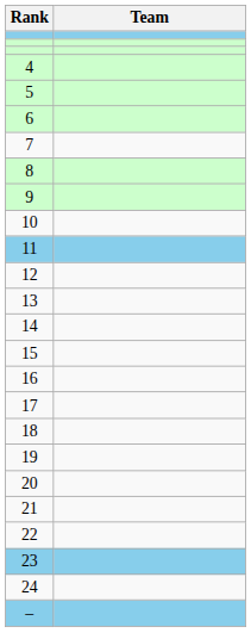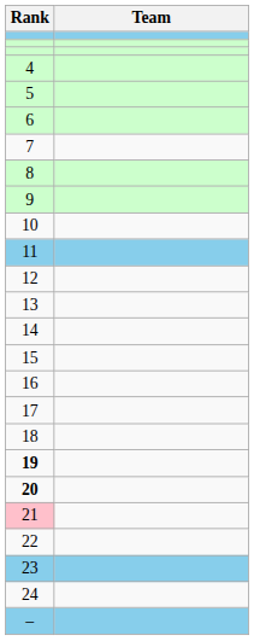 <table class="wikitable" style="text-align:center">
 <tr>
 <th width=40>Rank</th>
 <th width=180>Team</th>
 </tr>
 <tr bgcolor=#87ceeb>
 <td></td>
 <td style="text-align:left"></td>
 </tr>
 <tr bgcolor=#ccffcc>
 <td></td>
 <td style="text-align:left"></td>
 </tr>
 <tr bgcolor=#ccffcc>
 <td></td>
 <td style="text-align:left"></td>
 </tr>
 <tr bgcolor=#ccffcc>
 <td>4</td>
 <td style="text-align:left"></td>
 </tr>
 <tr bgcolor=#ccffcc>
 <td>5</td>
 <td style="text-align:left"></td>
 </tr>
 <tr bgcolor=#ccffcc>
 <td>6</td>
 <td style="text-align:left"></td>
 </tr>
 <tr>
 <td>7</td>
 <td style="text-align:left"><s></s></td>
 </tr>
 <tr bgcolor=#ccffcc>
 <td>8</td>
 <td style="text-align:left"></td>
 </tr>
 <tr bgcolor=#ccffcc>
 <td>9</td>
 <td style="text-align:left"></td>
 </tr>
 <tr>
 <td>10</td>
 <td style="text-align:left"></td>
 </tr>
 <tr bgcolor=#87ceeb>
 <td>11</td>
 <td style="text-align:left"></td>
 </tr>
 <tr>
 <td>12</td>
 <td style="text-align:left"></td>
 </tr>
 <tr>
 <td>13</td>
 <td style="text-align:left"></td>
 </tr>
 <tr>
 <td>14</td>
 <td style="text-align:left"></td>
 </tr>
 <tr>
 <td>15</td>
 <td style="text-align:left"></td>
 </tr>
 <tr>
 <td>16</td>
 <td style="text-align:left"></td>
 </tr>
 <tr>
 <td>17</td>
 <td style="text-align:left"><s></s></td>
 </tr>
 <tr>
 <td>18</td>
 <td style="text-align:left"></td>
 </tr>
 <tr>
-<td>19</td>
+<td><strong>19</strong></td>
 <td style="text-align:left"></td>
 </tr>
 <tr>
-<td>20</td>
+<td><strong>20</strong></td>
 <td style="text-align:left"></td>
 </tr>
 <tr>
-<td>21</td>
+<td style="background: pink;">21</td>
 <td style="text-align:left"></td>
 </tr>
 <tr>
 <td>22</td>
 <td style="text-align:left"></td>
 </tr>
 <tr bgcolor=#87ceeb>
 <td>23</td>
 <td style="text-align:left"></td>
 </tr>
 <tr>
 <td>24</td>
 <td style="text-align:left"></td>
 </tr>
 <tr bgcolor=#87ceeb>
 <td>–</td>
 <td style="text-align:left"></td>
 </tr>
 </table>
